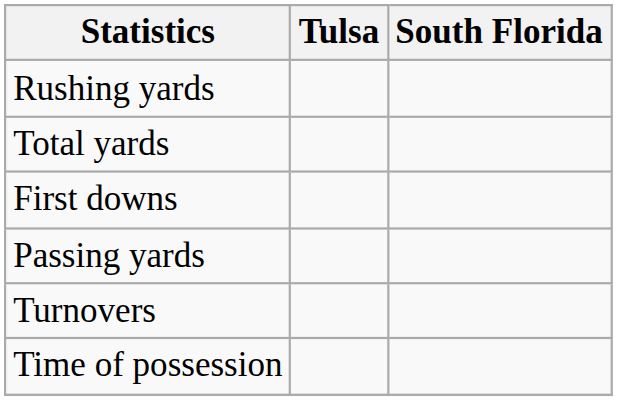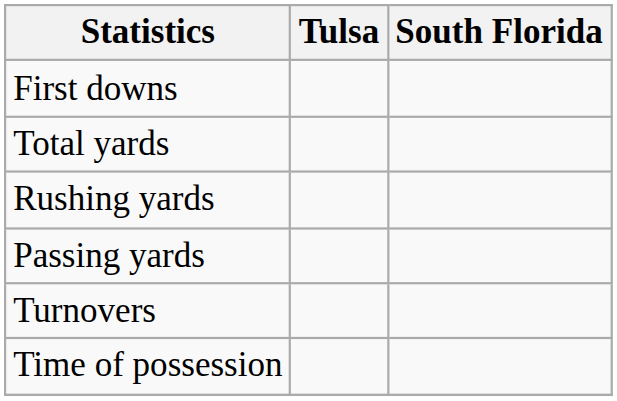 <table class="wikitable">
 <tr>
 <th>Statistics</th>
 <th>Tulsa</th>
 <th>South Florida</th>
 </tr>
 <tr>
-<td>Rushing yards</td>
+<td>First downs</td>
 <td> </td>
 <td> </td>
 </tr>
 <tr>
 <td>Total yards</td>
 <td> </td>
 <td> </td>
 </tr>
 <tr>
-<td>First downs</td>
+<td>Rushing yards</td>
 <td> </td>
 <td> </td>
 </tr>
 <tr>
 <td>Passing yards</td>
 <td> </td>
 <td> </td>
 </tr>
 <tr>
 <td>Turnovers</td>
 <td> </td>
 <td> </td>
 </tr>
 <tr>
 <td>Time of possession</td>
 <td> </td>
 <td> </td>
 </tr>
 <tr>
 </tr>
 </table>
